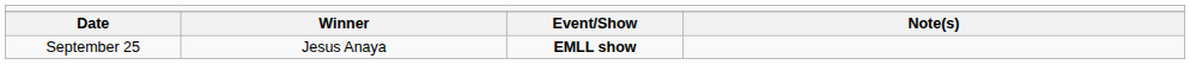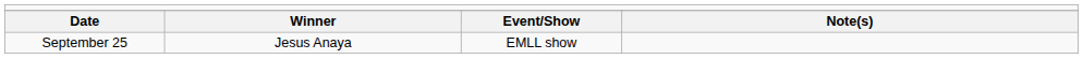 <table class="wikitable" style="text-align:center; width:100%;">
 <tr>
 <td colspan=5></td>
 </tr>
 <tr |colspan=5|>
 </tr>
 <tr>
 <th width=14%>Date</th>
 <th width=26%>Winner</th>
 <th width=14%>Event/Show</th>
 <th width=40%>Note(s)</th>
 </tr>
 <tr>
 <td>September 25</td>
 <td>Jesus Anaya</td>
-<td><strong>EMLL show</strong></td>
+<td>EMLL show</td>
 <td align=left></td>
 </tr>
 </table>
